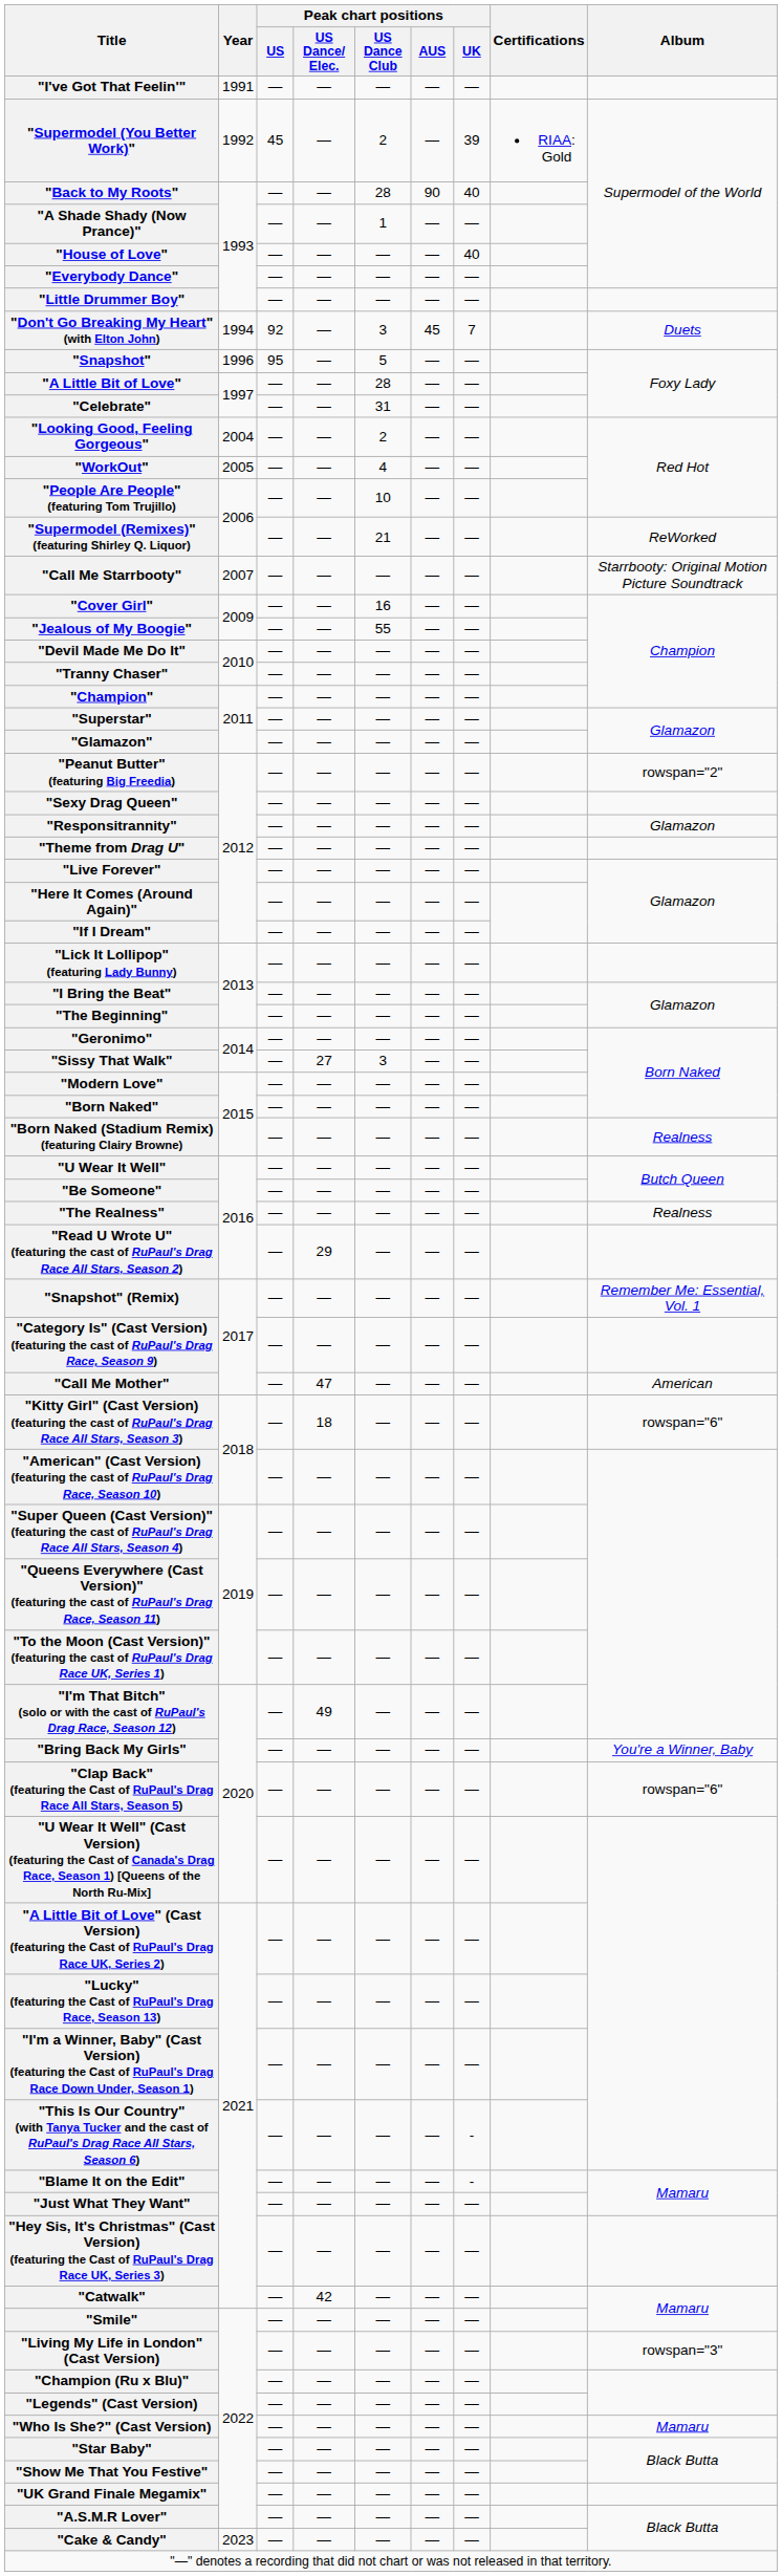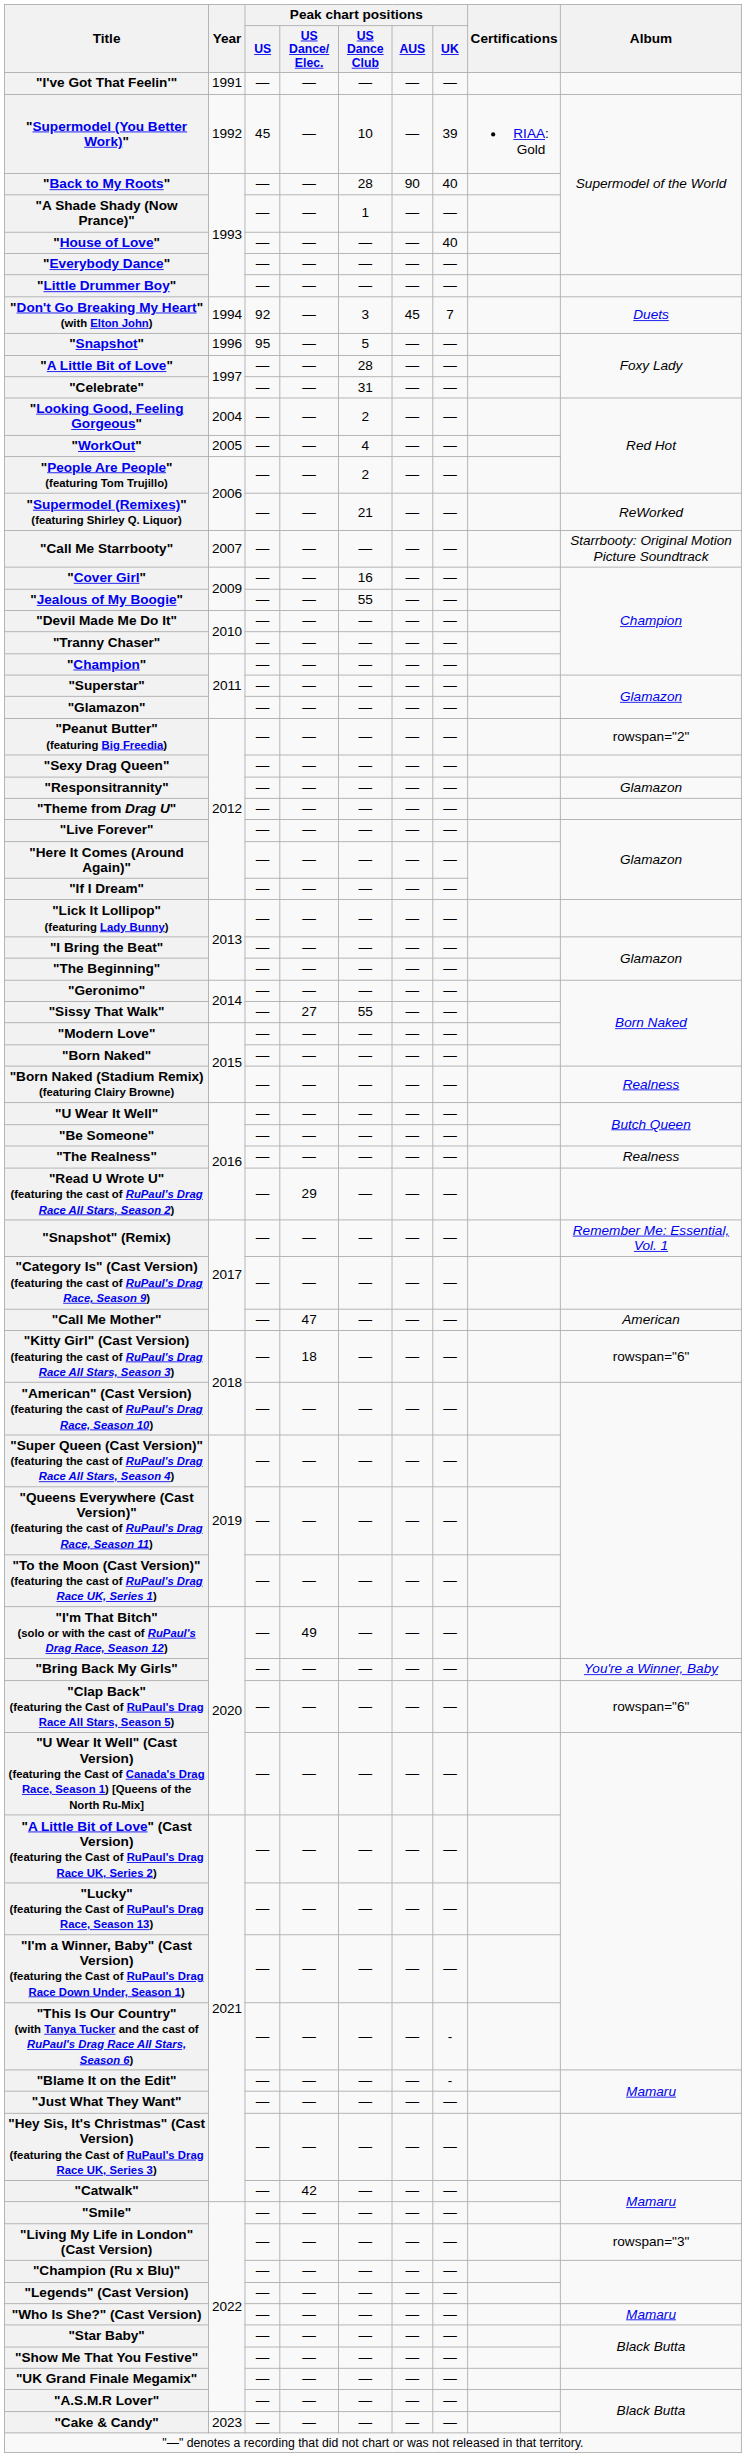 <table class="wikitable plainrowheaders" style="text-align:center;">
 <tr>
 <th rowspan="2" style="width:20em;">Title</th>
 <th rowspan="2" style="width:1em;">Year</th>
 <th colspan="5" style="width:20em;">Peak chart positions</th>
 <th rowspan="2" style="width:5em;">Certifications</th>
 <th rowspan="2" style="width:20em;">Album</th>
 </tr>
 <tr>
 <th scope="col" style="width:2em;font-size:90%;"><a href='#'>US</a><br></th>
 <th scope="col" style="width:2em;font-size:90%;"><a href='#'>US Dance/<br>Elec.</a><br></th>
 <th scope="col" style="width:2em;font-size:90%;"><a href='#'>US Dance<br>Club</a><br></th>
 <th scope="col" style="width:2em;font-size:90%;"><a href='#'>AUS</a><br></th>
 <th scope="col" style="width:2em;font-size:90%;"><a href='#'>UK</a><br></th>
 </tr>
 <tr>
 <th scope="row">"I've Got That Feelin'"</th>
 <td>1991</td>
 <td>—</td>
 <td>—</td>
 <td>—</td>
 <td>—</td>
 <td>—</td>
 <td></td>
 <td></td>
 </tr>
 <tr>
 <th scope="row">"<a href='#'>Supermodel (You Better Work)</a>"</th>
 <td>1992</td>
 <td>45</td>
 <td>—</td>
-<td>2</td>
+<td>10</td>
 <td>—</td>
 <td>39</td>
 <td><br><ul><li><a href='#'>RIAA</a>: Gold</li></ul></td>
 <td rowspan="5"><em>Supermodel of the World</em></td>
 </tr>
 <tr>
 <th scope="row">"<a href='#'>Back to My Roots</a>"</th>
 <td rowspan="5">1993</td>
 <td>—</td>
 <td>—</td>
 <td>28</td>
 <td>90</td>
 <td>40</td>
 <td></td>
 </tr>
 <tr>
 <th scope="row">"A Shade Shady (Now Prance)"</th>
 <td>—</td>
 <td>—</td>
 <td>1</td>
 <td>—</td>
 <td>—</td>
 <td></td>
 </tr>
 <tr>
 <th scope="row">"<a href='#'>House of Love</a>"</th>
 <td>—</td>
 <td>—</td>
 <td>—</td>
 <td>—</td>
 <td>40</td>
 <td></td>
 </tr>
 <tr>
 <th scope="row">"<a href='#'>Everybody Dance</a>"</th>
 <td>—</td>
 <td>—</td>
 <td>—</td>
 <td>—</td>
 <td>—</td>
 <td></td>
 </tr>
 <tr>
 <th scope="row">"<a href='#'>Little Drummer Boy</a>"</th>
 <td>—</td>
 <td>—</td>
 <td>—</td>
 <td>—</td>
 <td>—</td>
 <td></td>
 <td></td>
 </tr>
 <tr>
 <th scope="row">"<a href='#'>Don't Go Breaking My Heart</a>" <br><small>(with <a href='#'>Elton John</a>)</small></th>
 <td>1994</td>
 <td>92</td>
 <td>—</td>
 <td>3</td>
 <td>45</td>
 <td>7</td>
 <td></td>
 <td><em><a href='#'>Duets</a></em></td>
 </tr>
 <tr>
 <th scope="row">"<a href='#'>Snapshot</a>"</th>
 <td>1996</td>
 <td>95</td>
 <td>—</td>
 <td>5</td>
 <td>—</td>
 <td>—</td>
 <td></td>
 <td rowspan="3"><em>Foxy Lady</em></td>
 </tr>
 <tr>
 <th scope="row">"<a href='#'>A Little Bit of Love</a>"</th>
 <td rowspan="2">1997</td>
 <td>—</td>
 <td>—</td>
 <td>28</td>
 <td>—</td>
 <td>—</td>
 <td></td>
 </tr>
 <tr>
 <th scope="row">"Celebrate"</th>
 <td>—</td>
 <td>—</td>
 <td>31</td>
 <td>—</td>
 <td>—</td>
 <td></td>
 </tr>
 <tr>
 <th scope="row">"<a href='#'>Looking Good, Feeling Gorgeous</a>"</th>
 <td>2004</td>
 <td>—</td>
 <td>—</td>
 <td>2</td>
 <td>—</td>
 <td>—</td>
 <td></td>
 <td rowspan="3"><em>Red Hot</em></td>
 </tr>
 <tr>
 <th scope="row">"<a href='#'>WorkOut</a>"</th>
 <td>2005</td>
 <td>—</td>
 <td>—</td>
 <td>4</td>
 <td>—</td>
 <td>—</td>
 <td></td>
 </tr>
 <tr>
 <th scope="row">"<a href='#'>People Are People</a>"<br><small>(featuring Tom Trujillo)</small></th>
 <td rowspan="2">2006</td>
 <td>—</td>
 <td>—</td>
-<td>10</td>
+<td>2</td>
 <td>—</td>
 <td>—</td>
 <td></td>
 </tr>
 <tr>
 <th scope="row">"<a href='#'>Supermodel (Remixes)</a>"<br><small>(featuring Shirley Q. Liquor)</small></th>
 <td>—</td>
 <td>—</td>
 <td>21</td>
 <td>—</td>
 <td>—</td>
 <td></td>
 <td><em>ReWorked</em></td>
 </tr>
 <tr>
 <th scope="row">"Call Me Starrbooty"</th>
 <td>2007</td>
 <td>—</td>
 <td>—</td>
 <td>—</td>
 <td>—</td>
 <td>—</td>
 <td></td>
 <td><em>Starrbooty: Original Motion Picture Soundtrack</em></td>
 </tr>
 <tr>
 <th scope="row">"<a href='#'>Cover Girl</a>"</th>
 <td rowspan="2">2009</td>
 <td>—</td>
 <td>—</td>
 <td>16</td>
 <td>—</td>
 <td>—</td>
 <td></td>
 <td rowspan="5"><em><a href='#'>Champion</a></em></td>
 </tr>
 <tr>
 <th scope="row">"<a href='#'>Jealous of My Boogie</a>"</th>
 <td>—</td>
 <td>—</td>
 <td>55</td>
 <td>—</td>
 <td>—</td>
 <td></td>
 </tr>
 <tr>
 <th scope="row">"Devil Made Me Do It"</th>
 <td rowspan="2">2010</td>
 <td>—</td>
 <td>—</td>
 <td>—</td>
 <td>—</td>
 <td>—</td>
 <td></td>
 </tr>
 <tr>
 <th scope="row">"Tranny Chaser"</th>
 <td>—</td>
 <td>—</td>
 <td>—</td>
 <td>—</td>
 <td>—</td>
 <td></td>
 </tr>
 <tr>
 <th scope="row">"<a href='#'>Champion</a>"</th>
 <td rowspan="3">2011</td>
 <td>—</td>
 <td>—</td>
 <td>—</td>
 <td>—</td>
 <td>—</td>
 <td></td>
 </tr>
 <tr>
 <th scope="row">"Superstar"</th>
 <td>—</td>
 <td>—</td>
 <td>—</td>
 <td>—</td>
 <td>—</td>
 <td></td>
 <td rowspan="2"><em><a href='#'>Glamazon</a></em></td>
 </tr>
 <tr>
 <th scope="row">"Glamazon"</th>
 <td>—</td>
 <td>—</td>
 <td>—</td>
 <td>—</td>
 <td>—</td>
 <td></td>
 </tr>
 <tr>
 <th scope="row">"Peanut Butter"<br><small>(featuring <a href='#'>Big Freedia</a>)</small></th>
 <td rowspan="7">2012</td>
 <td>—</td>
 <td>—</td>
 <td>—</td>
 <td>—</td>
 <td>—</td>
 <td></td>
 <td>rowspan="2" </td>
 </tr>
 <tr>
 <th scope="row">"Sexy Drag Queen"</th>
 <td>—</td>
 <td>—</td>
 <td>—</td>
 <td>—</td>
 <td>—</td>
 <td></td>
 </tr>
 <tr>
 <th scope="row">"Responsitrannity"</th>
 <td>—</td>
 <td>—</td>
 <td>—</td>
 <td>—</td>
 <td>—</td>
 <td></td>
 <td><em>Glamazon</em></td>
 </tr>
 <tr>
 <th scope="row">"Theme from <em>Drag U</em>"</th>
 <td>—</td>
 <td>—</td>
 <td>—</td>
 <td>—</td>
 <td>—</td>
 <td></td>
 <td></td>
 </tr>
 <tr>
 <th scope="row">"Live Forever"</th>
 <td>—</td>
 <td>—</td>
 <td>—</td>
 <td>—</td>
 <td>—</td>
 <td></td>
 <td rowspan="3"><em>Glamazon</em></td>
 </tr>
 <tr>
 <th scope="row">"Here It Comes (Around Again)"</th>
 <td>—</td>
 <td>—</td>
 <td>—</td>
 <td>—</td>
 <td>—</td>
 </tr>
 <tr>
 <th scope="row">"If I Dream"</th>
 <td>—</td>
 <td>—</td>
 <td>—</td>
 <td>—</td>
 <td>—</td>
 </tr>
 <tr>
 <th scope="row">"Lick It Lollipop"<br><small>(featuring <a href='#'>Lady Bunny</a>)</small></th>
 <td rowspan="3">2013</td>
 <td>—</td>
 <td>—</td>
 <td>—</td>
 <td>—</td>
 <td>—</td>
 <td></td>
 <td></td>
 </tr>
 <tr>
 <th scope="row">"I Bring the Beat"</th>
 <td>—</td>
 <td>—</td>
 <td>—</td>
 <td>—</td>
 <td>—</td>
 <td></td>
 <td rowspan="2"><em>Glamazon</em></td>
 </tr>
 <tr>
 <th scope="row">"The Beginning"</th>
 <td>—</td>
 <td>—</td>
 <td>—</td>
 <td>—</td>
 <td>—</td>
 <td></td>
 </tr>
 <tr>
 <th scope="row">"Geronimo"</th>
 <td rowspan="2">2014</td>
 <td>—</td>
 <td>—</td>
 <td>—</td>
 <td>—</td>
 <td>—</td>
 <td></td>
 <td rowspan="4"><em><a href='#'>Born Naked</a></em></td>
 </tr>
 <tr>
 <th scope="row">"Sissy That Walk"</th>
 <td>—</td>
 <td>27</td>
-<td>3</td>
+<td>55</td>
 <td>—</td>
 <td>—</td>
 <td></td>
 </tr>
 <tr>
 <th scope="row">"Modern Love"</th>
 <td rowspan="3">2015</td>
 <td>—</td>
 <td>—</td>
 <td>—</td>
 <td>—</td>
 <td>—</td>
 <td></td>
 </tr>
 <tr>
 <th scope="row">"Born Naked"</th>
 <td>—</td>
 <td>—</td>
 <td>—</td>
 <td>—</td>
 <td>—</td>
 <td></td>
 </tr>
 <tr>
 <th scope="row">"Born Naked (Stadium Remix)<br><small>(featuring Clairy Browne)</small></th>
 <td>—</td>
 <td>—</td>
 <td>—</td>
 <td>—</td>
 <td>—</td>
 <td></td>
 <td><em><a href='#'>Realness</a></em></td>
 </tr>
 <tr>
 <th scope="row">"U Wear It Well"</th>
 <td rowspan="4">2016</td>
 <td>—</td>
 <td>—</td>
 <td>—</td>
 <td>—</td>
 <td>—</td>
 <td></td>
 <td rowspan="2"><em><a href='#'>Butch Queen</a></em></td>
 </tr>
 <tr>
 <th scope="row">"Be Someone"</th>
 <td>—</td>
 <td>—</td>
 <td>—</td>
 <td>—</td>
 <td>—</td>
 <td></td>
 </tr>
 <tr>
 <th scope="row">"The Realness"</th>
 <td>—</td>
 <td>—</td>
 <td>—</td>
 <td>—</td>
 <td>—</td>
 <td></td>
 <td><em>Realness</em></td>
 </tr>
 <tr>
 <th scope="row">"Read U Wrote U"<br><small>(featuring the cast of <em><a href='#'>RuPaul's Drag Race All Stars, Season 2</a></em>)</small></th>
 <td>—</td>
 <td>29</td>
 <td>—</td>
 <td>—</td>
 <td>—</td>
 <td></td>
 <td></td>
 </tr>
 <tr>
 <th scope="row">"Snapshot" (Remix)</th>
 <td rowspan="3">2017</td>
 <td>—</td>
 <td>—</td>
 <td>—</td>
 <td>—</td>
 <td>—</td>
 <td></td>
 <td><em><a href='#'>Remember Me: Essential, Vol. 1</a></em></td>
 </tr>
 <tr>
 <th scope="row">"Category Is" (Cast Version)<br><small>(featuring the cast of <em><a href='#'>RuPaul's Drag Race, Season 9</a></em>)</small></th>
 <td>—</td>
 <td>—</td>
 <td>—</td>
 <td>—</td>
 <td>—</td>
 <td></td>
 <td></td>
 </tr>
 <tr>
 <th scope="row">"Call Me Mother"</th>
 <td>—</td>
 <td>47</td>
 <td>—</td>
 <td>—</td>
 <td>—</td>
 <td></td>
 <td><em>American</em></td>
 </tr>
 <tr>
 <th scope="row">"Kitty Girl" (Cast Version)<br><small>(featuring the cast of <em><a href='#'>RuPaul's Drag Race All Stars, Season 3</a></em>)</small></th>
 <td rowspan="2">2018</td>
 <td>—</td>
 <td>18</td>
 <td>—</td>
 <td>—</td>
 <td>—</td>
 <td></td>
 <td>rowspan="6" </td>
 </tr>
 <tr>
 <th scope="row">"American" (Cast Version)<br><small>(featuring the cast of <em><a href='#'>RuPaul's Drag Race, Season 10</a></em>)</small></th>
 <td>—</td>
 <td>—</td>
 <td>—</td>
 <td>—</td>
 <td>—</td>
 <td></td>
 </tr>
 <tr>
 <th scope="row">"Super Queen (Cast Version)" <br><small>(featuring the cast of <em><a href='#'>RuPaul's Drag Race All Stars, Season 4</a></em>)</small></th>
 <td rowspan="3">2019</td>
 <td>—</td>
 <td>—</td>
 <td>—</td>
 <td>—</td>
 <td>—</td>
 <td></td>
 </tr>
 <tr>
 <th scope="row">"Queens Everywhere (Cast Version)"<br><small>(featuring the cast of <em><a href='#'>RuPaul's Drag Race, Season 11</a></em>)</small></th>
 <td>—</td>
 <td>—</td>
 <td>—</td>
 <td>—</td>
 <td>—</td>
 <td></td>
 </tr>
 <tr>
 <th scope="row">"To the Moon (Cast Version)" <br><small>(featuring the cast of <em><a href='#'>RuPaul's Drag Race UK, Series 1</a></em>)</small></th>
 <td>—</td>
 <td>—</td>
 <td>—</td>
 <td>—</td>
 <td>—</td>
 <td></td>
 </tr>
 <tr>
 <th scope="row">"I'm That Bitch" <br><small>(solo or with the cast of <em><a href='#'>RuPaul's Drag Race, Season 12</a></em>)</small></th>
 <td rowspan="4">2020</td>
 <td>—</td>
 <td>49</td>
 <td>—</td>
 <td>—</td>
 <td>—</td>
 <td></td>
 </tr>
 <tr>
 <th scope="row">"Bring Back My Girls"</th>
 <td>—</td>
 <td>—</td>
 <td>—</td>
 <td>—</td>
 <td>—</td>
 <td></td>
 <td><em><a href='#'>You're a Winner, Baby</a></em></td>
 </tr>
 <tr>
 <th scope="row">"Clap Back"<br><small>(featuring the Cast of <a href='#'>RuPaul's Drag Race All Stars, Season 5</a>)</small></th>
 <td>—</td>
 <td>—</td>
 <td>—</td>
 <td>—</td>
 <td>—</td>
 <td></td>
 <td>rowspan="6" </td>
 </tr>
 <tr>
 <th scope="row">"U Wear It Well" (Cast Version)<br><small>(featuring the Cast of <a href='#'>Canada's Drag Race, Season 1</a>) [Queens of the North Ru-Mix]</small></th>
 <td>—</td>
 <td>—</td>
 <td>—</td>
 <td>—</td>
 <td>—</td>
 <td></td>
 </tr>
 <tr>
 <th scope="row">"<a href='#'>A Little Bit of Love</a>" (Cast Version)<br><small>(featuring the Cast of <a href='#'>RuPaul's Drag Race UK, Series 2</a>)</small></th>
 <td rowspan="8">2021</td>
 <td>—</td>
 <td>—</td>
 <td>—</td>
 <td>—</td>
 <td>—</td>
 <td></td>
 </tr>
 <tr>
 <th scope="row">"Lucky"<br><small>(featuring the Cast of <a href='#'>RuPaul's Drag Race, Season 13</a>)</small></th>
 <td>—</td>
 <td>—</td>
 <td>—</td>
 <td>—</td>
 <td>—</td>
 <td></td>
 </tr>
 <tr>
 <th scope="row">"I'm a Winner, Baby" (Cast Version)<br><small>(featuring the Cast of <a href='#'>RuPaul's Drag Race Down Under, Season 1</a>)</small></th>
 <td>—</td>
 <td>—</td>
 <td>—</td>
 <td>—</td>
 <td>—</td>
 <td></td>
 </tr>
 <tr>
 <th scope="row">"This Is Our Country"<br><small>(with <a href='#'>Tanya Tucker</a> and the cast of <em><a href='#'>RuPaul's Drag Race All Stars, Season 6</a></em>)</small></th>
 <td>—</td>
 <td>—</td>
 <td>—</td>
 <td>—</td>
 <td>-</td>
 <td></td>
 </tr>
 <tr>
 <th scope="row">"Blame It on the Edit"<br></th>
 <td>—</td>
 <td>—</td>
 <td>—</td>
 <td>—</td>
 <td>-</td>
 <td></td>
 <td rowspan="2"><em><a href='#'>Mamaru</a></em></td>
 </tr>
 <tr>
 <th scope="row">"Just What They Want"</th>
 <td>—</td>
 <td>—</td>
 <td>—</td>
 <td>—</td>
 <td>—</td>
 <td></td>
 </tr>
 <tr>
 <th scope="row">"Hey Sis, It's Christmas" (Cast Version)<br><small>(featuring the Cast of <a href='#'>RuPaul's Drag Race UK, Series 3</a>)</small></th>
 <td>—</td>
 <td>—</td>
 <td>—</td>
 <td>—</td>
 <td>—</td>
 <td></td>
 <td></td>
 </tr>
 <tr>
 <th scope="row">"Catwalk"<br></th>
 <td>—</td>
 <td>42</td>
 <td>—</td>
 <td>—</td>
 <td>—</td>
 <td></td>
 <td rowspan="2"><em><a href='#'>Mamaru</a></em></td>
 </tr>
 <tr>
 <th scope="row">"Smile"</th>
 <td rowspan="9">2022</td>
 <td>—</td>
 <td>—</td>
 <td>—</td>
 <td>—</td>
 <td>—</td>
 <td></td>
 </tr>
 <tr>
 <th scope="row">"Living My Life in London" (Cast Version)<br></th>
 <td>—</td>
 <td>—</td>
 <td>—</td>
 <td>—</td>
 <td>—</td>
 <td></td>
 <td>rowspan="3" </td>
 </tr>
 <tr>
 <th scope="row">"Champion (Ru x Blu)"<br></th>
 <td>—</td>
 <td>—</td>
 <td>—</td>
 <td>—</td>
 <td>—</td>
 <td></td>
 </tr>
 <tr>
 <th scope="row">"Legends" (Cast Version)<br></th>
 <td>—</td>
 <td>—</td>
 <td>—</td>
 <td>—</td>
 <td>—</td>
 <td></td>
 </tr>
 <tr>
 <th scope="row">"Who Is She?" (Cast Version)<br></th>
 <td>—</td>
 <td>—</td>
 <td>—</td>
 <td>—</td>
 <td>—</td>
 <td></td>
 <td><em><a href='#'>Mamaru</a></em></td>
 </tr>
 <tr>
 <th scope="row">"Star Baby"</th>
 <td>—</td>
 <td>—</td>
 <td>—</td>
 <td>—</td>
 <td>—</td>
 <td></td>
 <td rowspan="2"><em>Black Butta</em></td>
 </tr>
 <tr>
 <th scope="row">"Show Me That You Festive"</th>
 <td>—</td>
 <td>—</td>
 <td>—</td>
 <td>—</td>
 <td>—</td>
 <td></td>
 </tr>
 <tr>
 <th scope="row">"UK Grand Finale Megamix"<br></th>
 <td>—</td>
 <td>—</td>
 <td>—</td>
 <td>—</td>
 <td>—</td>
 <td></td>
 <td></td>
 </tr>
 <tr>
 <th scope="row">"A.S.M.R Lover"<br></th>
 <td>—</td>
 <td>—</td>
 <td>—</td>
 <td>—</td>
 <td>—</td>
 <td></td>
 <td rowspan="2"><em>Black Butta</em></td>
 </tr>
 <tr>
 <th scope="row">"Cake & Candy"</th>
 <td>2023</td>
 <td>—</td>
 <td>—</td>
 <td>—</td>
 <td>—</td>
 <td>—</td>
 <td></td>
 </tr>
 <tr>
 <td colspan="10" style="font-size:90%">"—" denotes a recording that did not chart or was not released in that territory.</td>
 </tr>
 </table>
